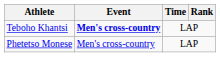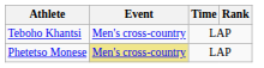 <table class="wikitable" style="font-size:90%">
 <tr>
 <th>Athlete</th>
 <th>Event</th>
 <th>Time</th>
 <th>Rank</th>
 </tr>
 <tr align=center>
 <td align=left><a href='#'>Teboho Khantsi</a></td>
-<td align=left><strong><a href='#'>Men's cross-country</a></strong></td>
+<td align=left><a href='#'>Men's cross-country</a></td>
 <td colspan=2>LAP</td>
 </tr>
 <tr align=center>
 <td align=left><a href='#'>Phetetso Monese</a></td>
-<td align=left><a href='#'>Men's cross-country</a></td>
+<td align=left style="background: khaki;"><a href='#'>Men's cross-country</a></td>
 <td colspan=2>LAP</td>
 </tr>
 </table>
